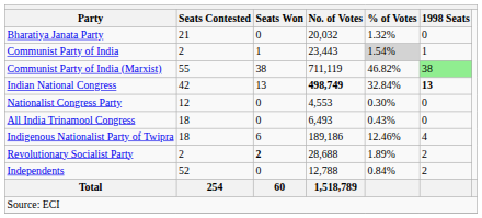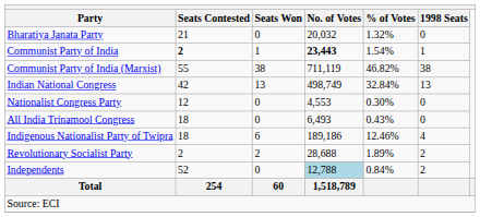 <table class="wikitable sortable">
 <tr>
 <th colspan=10></th>
 </tr>
 <tr>
 <th>Party</th>
 <th>Seats Contested</th>
 <th>Seats Won</th>
 <th>No. of Votes</th>
 <th>% of Votes</th>
 <th>1998 Seats</th>
 </tr>
 <tr>
 <td><a href='#'>Bharatiya Janata Party</a></td>
 <td>21</td>
 <td>0</td>
 <td>20,032</td>
 <td>1.32%</td>
 <td>0</td>
 </tr>
 <tr>
 <td><a href='#'>Communist Party of India</a></td>
-<td>2</td>
+<td><strong>2</strong></td>
 <td>1</td>
-<td>23,443</td>
-<td style="background: lightgrey;">1.54%</td>
+<td><strong>23,443</strong></td>
+<td>1.54%</td>
 <td>1</td>
 </tr>
 <tr>
 <td><a href='#'>Communist Party of India (Marxist)</a></td>
 <td>55</td>
 <td>38</td>
 <td>711,119</td>
 <td>46.82%</td>
-<td style="background: lightgreen;">38</td>
+<td>38</td>
 </tr>
 <tr>
 <td><a href='#'>Indian National Congress</a></td>
 <td>42</td>
 <td>13</td>
-<td><strong>498,749</strong></td>
+<td>498,749</td>
 <td>32.84%</td>
-<td><strong>13</strong></td>
+<td>13</td>
 </tr>
 <tr>
 <td><a href='#'>Nationalist Congress Party</a></td>
 <td>12</td>
 <td>0</td>
 <td>4,553</td>
 <td>0.30%</td>
 <td>0</td>
 </tr>
 <tr>
 <td><a href='#'>All India Trinamool Congress</a></td>
 <td>18</td>
 <td>0</td>
 <td>6,493</td>
 <td>0.43%</td>
 <td>0</td>
 </tr>
 <tr>
 <td><a href='#'>Indigenous Nationalist Party of Twipra</a></td>
 <td>18</td>
 <td>6</td>
 <td>189,186</td>
 <td>12.46%</td>
 <td>4</td>
 </tr>
 <tr>
 <td><a href='#'>Revolutionary Socialist Party</a></td>
 <td>2</td>
-<td><strong>2</strong></td>
+<td>2</td>
 <td>28,688</td>
 <td>1.89%</td>
 <td>2</td>
 </tr>
 <tr>
 <td><a href='#'>Independents</a></td>
 <td>52</td>
 <td>0</td>
-<td>12,788</td>
+<td style="background: lightblue;">12,788</td>
 <td>0.84%</td>
 <td>2</td>
 </tr>
 <tr>
 <th>Total</th>
 <th>254</th>
 <th>60</th>
 <th>1,518,789</th>
 <th></th>
 <th></th>
 <th></th>
 </tr>
 <tr>
 <td colspan=10>Source: ECI</td>
 </tr>
 <tr>
 </tr>
 </table>
